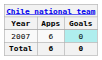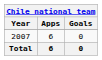 <table class="wikitable" style="text-align:center">
 <tr>
 <th colspan=3><a href='#'>Chile national team</a></th>
 </tr>
 <tr>
 <th>Year</th>
 <th>Apps</th>
 <th>Goals</th>
 </tr>
 <tr>
 </tr>
 <tr>
 <td>2007</td>
 <td>6</td>
-<td style="background: paleturquoise;">0</td>
+<td>0</td>
 </tr>
 <tr>
 <th>Total</th>
 <th>6</th>
 <th>0</th>
 </tr>
 </table>
